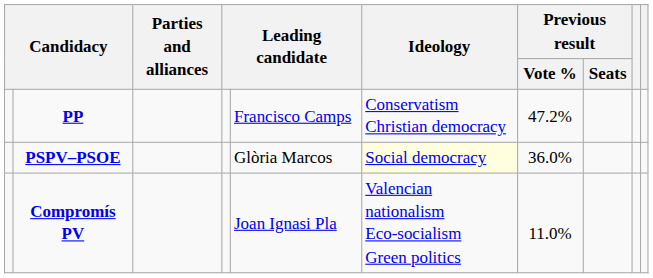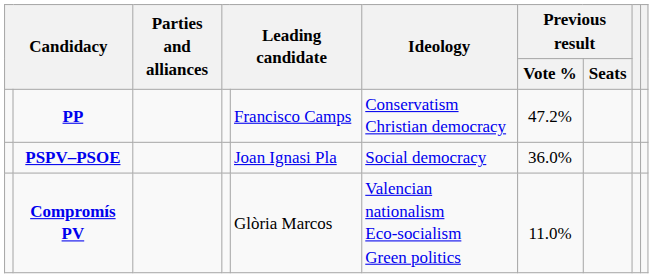 <table class="wikitable" style="line-height:1.35em; text-align:left;">
 <tr>
 <th colspan="2" rowspan="2">Candidacy</th>
 <th rowspan="2">Parties and<br>alliances</th>
 <th colspan="2" rowspan="2">Leading candidate</th>
 <th rowspan="2">Ideology</th>
 <th colspan="2">Previous result</th>
 <th rowspan="2"></th>
 <th rowspan="2"></th>
 </tr>
 <tr>
 <th>Vote %</th>
 <th>Seats</th>
 </tr>
 <tr>
 <td width="1" style="color:inherit;background:"></td>
 <td align="center"><strong><a href='#'>PP</a></strong></td>
 <td></td>
 <td></td>
 <td><a href='#'>Francisco Camps</a></td>
 <td><a href='#'>Conservatism</a><br><a href='#'>Christian democracy</a></td>
 <td align="center">47.2%</td>
 <td></td>
 <td></td>
 <td></td>
 </tr>
 <tr>
 <td style="color:inherit;background:"></td>
 <td align="center"><strong><a href='#'>PSPV–PSOE</a></strong></td>
 <td></td>
 <td></td>
-<td>Glòria Marcos</td>
-<td style="background: lightyellow;"><a href='#'>Social democracy</a></td>
+<td><a href='#'>Joan Ignasi Pla</a></td>
+<td><a href='#'>Social democracy</a></td>
 <td align="center">36.0%</td>
 <td></td>
 <td></td>
 <td></td>
 </tr>
 <tr>
 <td style="color:inherit;background:"></td>
 <td align="center"><strong><a href='#'>Compromís PV</a></strong></td>
 <td></td>
 <td></td>
-<td><a href='#'>Joan Ignasi Pla</a></td>
+<td>Glòria Marcos</td>
 <td><a href='#'>Valencian nationalism</a><br><a href='#'>Eco-socialism</a><br><a href='#'>Green politics</a></td>
 <td align="center"><br>11.0%<br></td>
 <td></td>
 <td></td>
 <td></td>
 </tr>
 </table>
